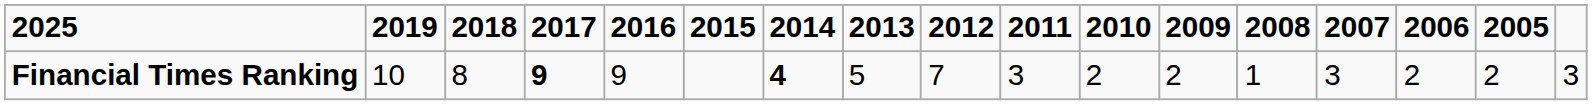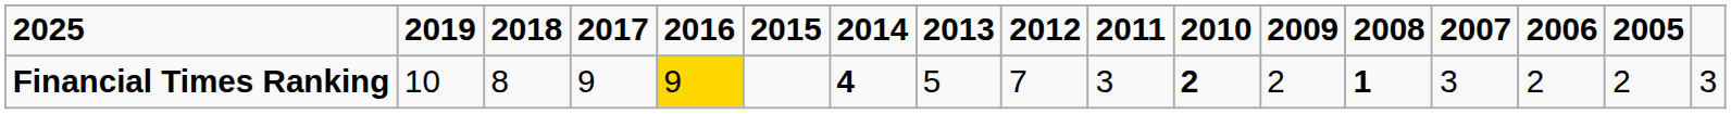 <table class="wikitable">
 <tr>
 <td><strong>2025</strong></td>
 <td><strong>2019</strong></td>
 <td><strong>2018</strong></td>
 <td><strong>2017</strong></td>
 <td><strong>2016</strong></td>
 <td><strong>2015</strong></td>
 <td><strong>2014</strong></td>
 <td><strong>2013</strong></td>
 <td><strong>2012</strong></td>
 <td><strong>2011</strong></td>
 <td><strong>2010</strong></td>
 <td><strong>2009</strong></td>
 <td><strong>2008</strong></td>
 <td><strong>2007</strong></td>
 <td><strong>2006</strong></td>
 <td><strong>2005</strong></td>
 </tr>
 <tr>
 <td><strong>Financial Times Ranking</strong></td>
 <td>10</td>
 <td>8</td>
-<td><strong>9</strong></td>
 <td>9</td>
+<td style="background: gold;">9</td>
 <td></td>
 <td><strong>4</strong></td>
 <td>5</td>
 <td>7</td>
 <td>3</td>
+<td><strong>2</strong></td>
 <td>2</td>
-<td>2</td>
-<td>1</td>
+<td><strong>1</strong></td>
 <td>3</td>
 <td>2</td>
 <td>2</td>
 <td>3</td>
 </tr>
 </table>
